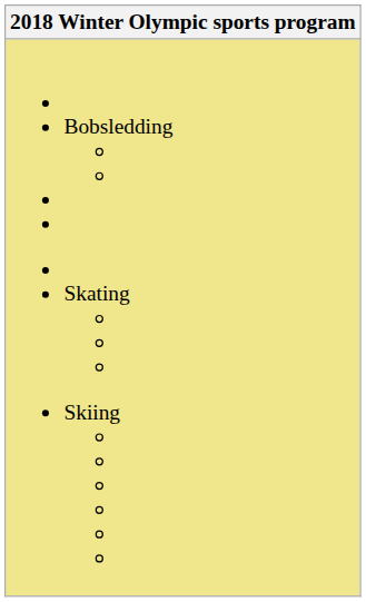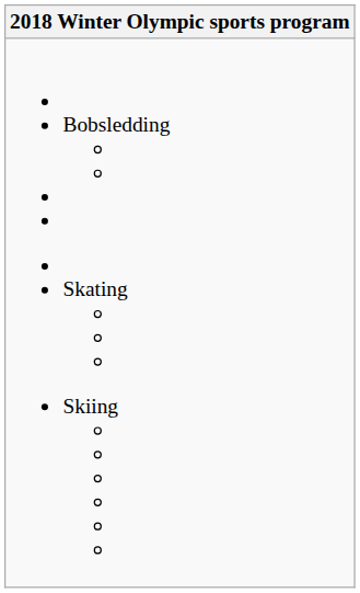 <table class="wikitable">
 <tr>
 <th>2018 Winter Olympic sports program</th>
 </tr>
 <tr>
-<td style="background: khaki;"><br> <ul><li></li><li>Bobsledding<ul><li></li><li></li></ul></li><li></li><li></li></ul><ul><li></li><li>Skating<ul><li></li><li></li><li></li></ul></li></ul><ul><li>Skiing<ul><li></li><li></li><li></li><li></li><li></li><li></li></ul></li></ul></td>
+<td><br> <ul><li></li><li>Bobsledding<ul><li></li><li></li></ul></li><li></li><li></li></ul><ul><li></li><li>Skating<ul><li></li><li></li><li></li></ul></li></ul><ul><li>Skiing<ul><li></li><li></li><li></li><li></li><li></li><li></li></ul></li></ul></td>
 </tr>
 </table>
